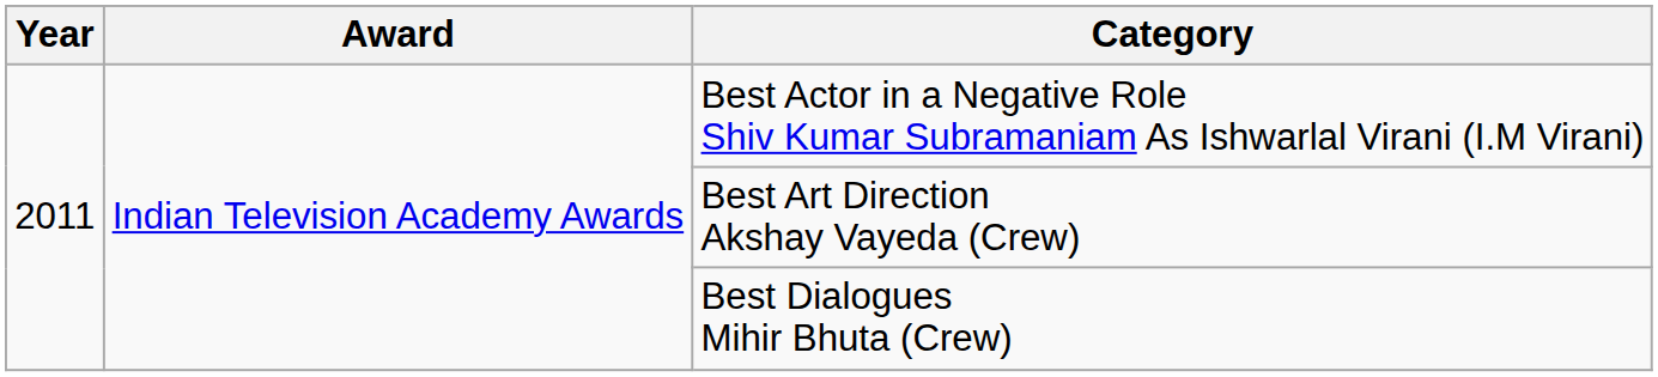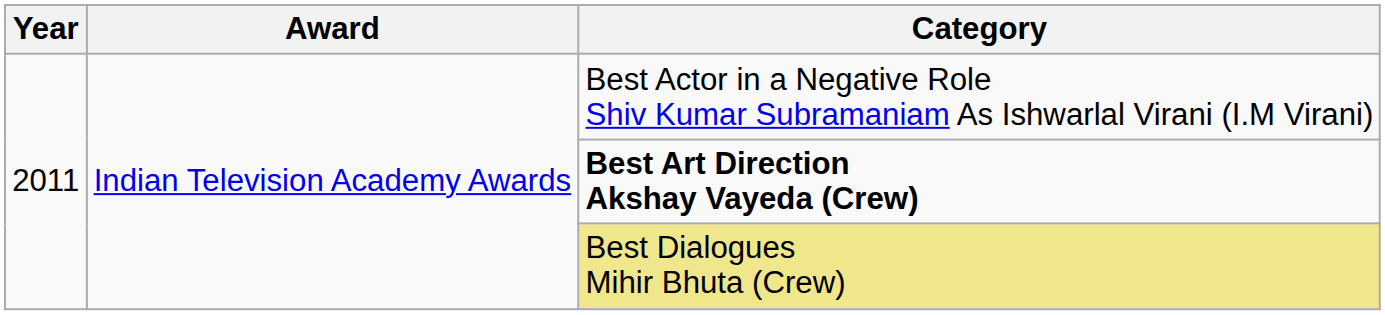 <table class="wikitable">
 <tr>
 <th>Year</th>
 <th>Award</th>
 <th>Category</th>
 </tr>
 <tr>
 <td rowspan="3">2011</td>
 <td rowspan="3"><a href='#'>Indian Television Academy Awards</a></td>
 <td>Best Actor in a Negative Role<br><a href='#'>Shiv Kumar Subramaniam</a> As Ishwarlal Virani (I.M Virani)</td>
 </tr>
 <tr>
-<td>Best Art Direction<br>Akshay Vayeda (Crew)</td>
+<td><strong>Best Art Direction<br>Akshay Vayeda (Crew)</strong></td>
 </tr>
 <tr>
-<td>Best Dialogues<br>Mihir Bhuta (Crew)</td>
+<td style="background: khaki;">Best Dialogues<br>Mihir Bhuta (Crew)</td>
 </tr>
 </table>
